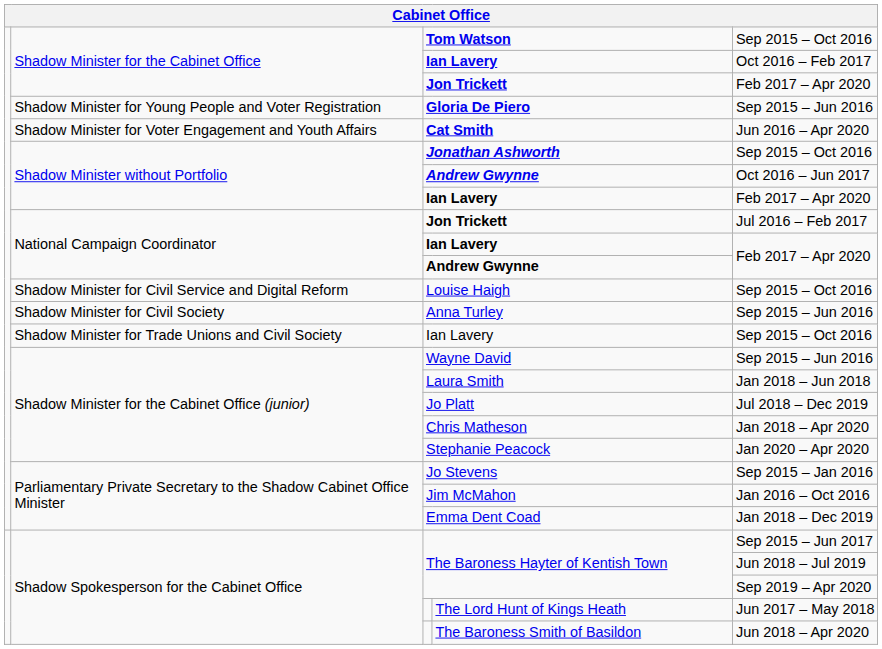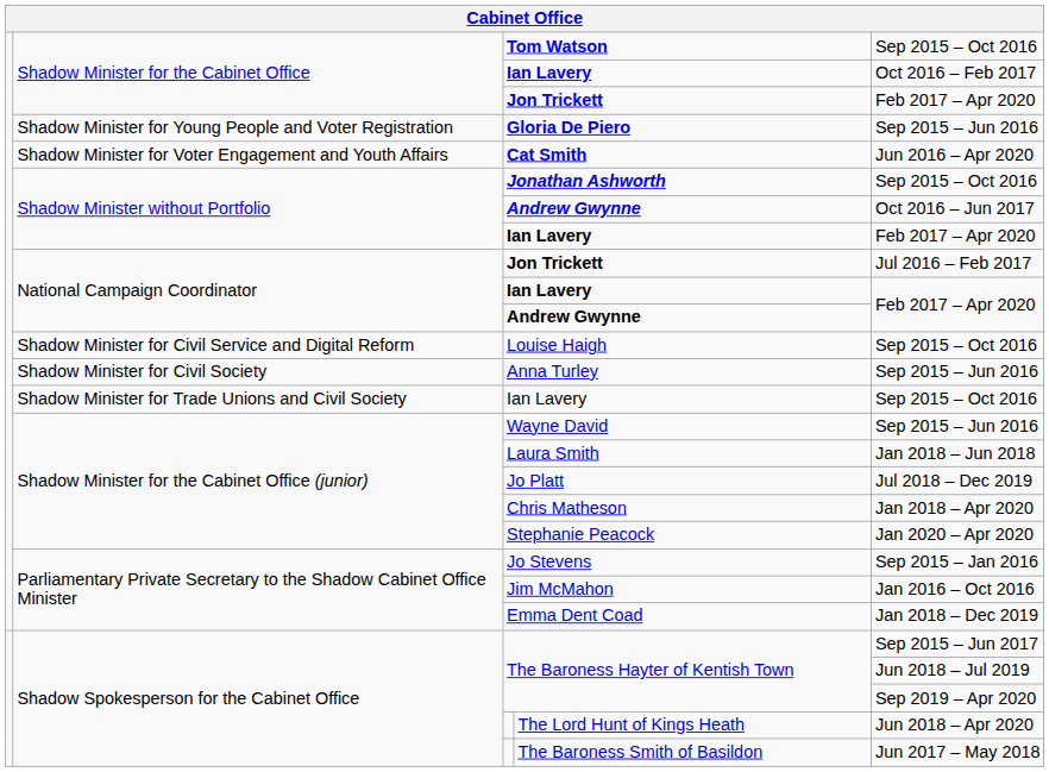 <table class="wikitable">
 <tr>
 <th colspan="5"><a href='#'>Cabinet Office</a></th>
 </tr>
 <tr>
 <td rowspan="22" style="background: "></td>
 <td rowspan="3" style="width: 450px;"><a href='#'>Shadow Minister for the Cabinet Office</a></td>
 <td colspan="2" style="width: 337px;"><strong><a href='#'>Tom Watson</a></strong></td>
 <td>Sep 2015 – Oct 2016</td>
 </tr>
 <tr>
 <td colspan="2"><strong><a href='#'>Ian Lavery</a></strong></td>
 <td>Oct 2016 – Feb 2017</td>
 </tr>
 <tr>
 <td colspan="2"><strong><a href='#'>Jon Trickett</a></strong></td>
 <td>Feb 2017 – Apr 2020</td>
 </tr>
 <tr>
 <td rowspan="1">Shadow Minister for Young People and Voter Registration</td>
 <td colspan="2"><strong><a href='#'>Gloria De Piero</a></strong></td>
 <td>Sep 2015 – Jun 2016</td>
 </tr>
 <tr>
 <td>Shadow Minister for Voter Engagement and Youth Affairs</td>
 <td colspan="2"><strong><a href='#'>Cat Smith</a></strong></td>
 <td>Jun 2016 – Apr 2020</td>
 </tr>
 <tr>
 <td rowspan="3"><a href='#'>Shadow Minister without Portfolio</a></td>
 <td colspan="2"><strong><em><a href='#'>Jonathan Ashworth</a></em></strong></td>
 <td>Sep 2015 – Oct 2016</td>
 </tr>
 <tr>
 <td colspan="2"><strong><em><a href='#'>Andrew Gwynne</a></em></strong></td>
 <td>Oct 2016 – Jun 2017</td>
 </tr>
 <tr>
 <td colspan="2"><strong>Ian Lavery</strong></td>
 <td>Feb 2017 – Apr 2020</td>
 </tr>
 <tr>
 <td rowspan="3">National Campaign Coordinator</td>
 <td colspan="2"><strong>Jon Trickett</strong></td>
 <td>Jul 2016 – Feb 2017</td>
 </tr>
 <tr>
 <td colspan="2"><strong>Ian Lavery</strong></td>
 <td rowspan="2">Feb 2017 – Apr 2020</td>
 </tr>
 <tr>
 <td colspan="2"><strong>Andrew Gwynne</strong></td>
 </tr>
 <tr>
 <td rowspan="1">Shadow Minister for Civil Service and Digital Reform</td>
 <td colspan="2"><a href='#'>Louise Haigh</a></td>
 <td>Sep 2015 – Oct 2016</td>
 </tr>
 <tr>
 <td>Shadow Minister for Civil Society</td>
 <td colspan="2"><a href='#'>Anna Turley</a></td>
 <td>Sep 2015 – Jun 2016</td>
 </tr>
 <tr>
 <td rowspan="1">Shadow Minister for Trade Unions and Civil Society</td>
 <td colspan="2">Ian Lavery</td>
 <td>Sep 2015 – Oct 2016</td>
 </tr>
 <tr>
 <td rowspan="5">Shadow Minister for the Cabinet Office <em>(junior)</em></td>
 <td colspan="2"><a href='#'>Wayne David</a></td>
 <td>Sep 2015 – Jun 2016</td>
 </tr>
 <tr>
 <td colspan="2"><a href='#'>Laura Smith</a></td>
 <td>Jan 2018 – Jun 2018</td>
 </tr>
 <tr>
 <td colspan="2"><a href='#'>Jo Platt</a></td>
 <td>Jul 2018 – Dec 2019</td>
 </tr>
 <tr>
 <td colspan="2"><a href='#'>Chris Matheson</a></td>
 <td>Jan 2018 – Apr 2020</td>
 </tr>
 <tr>
 <td colspan="2"><a href='#'>Stephanie Peacock</a></td>
 <td>Jan 2020 – Apr 2020</td>
 </tr>
 <tr>
 <td rowspan="3">Parliamentary Private Secretary to the Shadow Cabinet Office Minister</td>
 <td colspan="2"><a href='#'>Jo Stevens</a></td>
 <td>Sep 2015 – Jan 2016</td>
 </tr>
 <tr>
 <td colspan="2"><a href='#'>Jim McMahon</a></td>
 <td>Jan 2016 – Oct 2016</td>
 </tr>
 <tr>
 <td colspan="2"><a href='#'>Emma Dent Coad</a></td>
 <td>Jan 2018 – Dec 2019</td>
 </tr>
 <tr>
 <td rowspan="5" style="background: "></td>
 <td rowspan="6">Shadow Spokesperson for the Cabinet Office</td>
 <td colspan="2" rowspan="3"><a href='#'>The Baroness Hayter of Kentish Town</a></td>
 <td>Sep 2015 – Jun 2017</td>
 </tr>
 <tr>
 <td>Jun 2018 – Jul 2019</td>
 </tr>
 <tr>
 <td>Sep 2019 – Apr 2020</td>
 </tr>
 <tr>
 <td style="background: "></td>
 <td><a href='#'>The Lord Hunt of Kings Heath</a></td>
-<td>Jun 2017 – May 2018</td>
+<td>Jun 2018 – Apr 2020</td>
 </tr>
 <tr>
 <td style="background: "></td>
 <td><a href='#'>The Baroness Smith of Basildon</a></td>
-<td>Jun 2018 – Apr 2020</td>
+<td>Jun 2017 – May 2018</td>
 </tr>
 </table>
